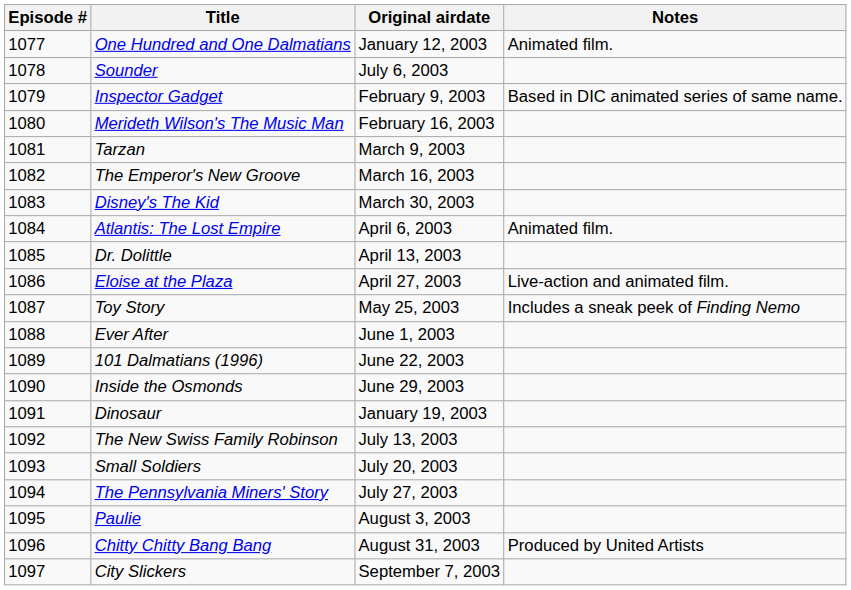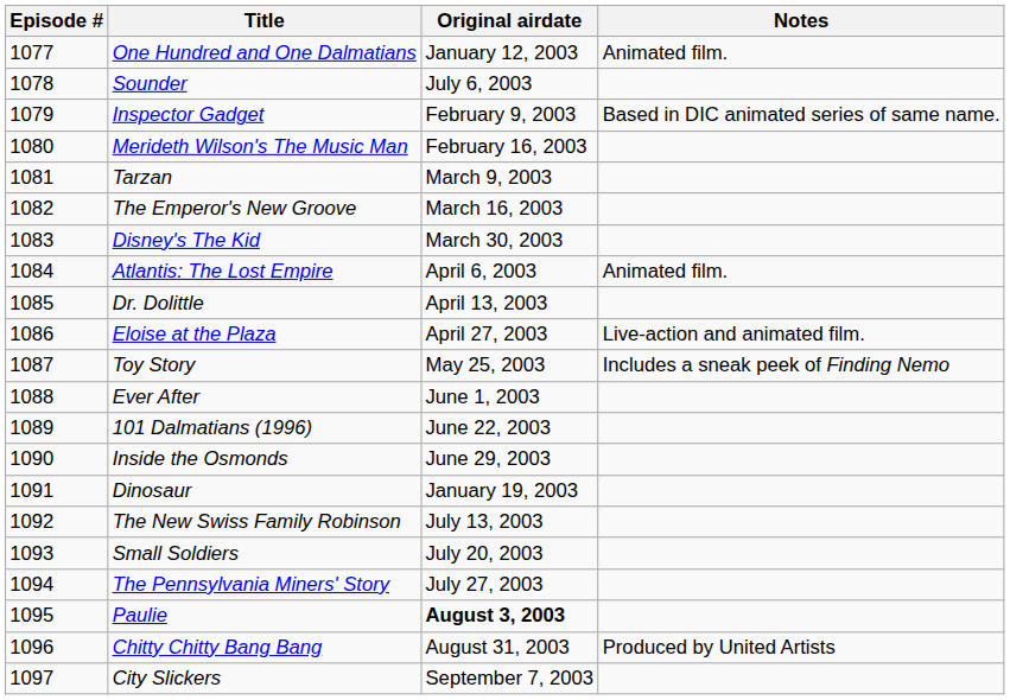 <table class="wikitable sortable">
 <tr>
 <th>Episode #</th>
 <th>Title</th>
 <th>Original airdate</th>
 <th>Notes</th>
 </tr>
 <tr>
 <td>1077</td>
 <td><em><a href='#'>One Hundred and One Dalmatians</a></em></td>
 <td>January 12, 2003</td>
 <td>Animated film.</td>
 </tr>
 <tr>
 <td>1078</td>
 <td><em><a href='#'>Sounder</a></em></td>
 <td>July 6, 2003</td>
 <td></td>
 </tr>
 <tr>
 <td>1079</td>
 <td><em><a href='#'>Inspector Gadget</a></em></td>
 <td>February 9, 2003</td>
 <td>Based in DIC animated series of same name.</td>
 </tr>
 <tr>
 <td>1080</td>
 <td><em><a href='#'>Merideth Wilson's The Music Man</a></em></td>
 <td>February 16, 2003</td>
 <td></td>
 </tr>
 <tr>
 <td>1081</td>
 <td><em>Tarzan</em></td>
 <td>March 9, 2003</td>
 <td></td>
 </tr>
 <tr>
 <td>1082</td>
 <td><em>The Emperor's New Groove</em></td>
 <td>March 16, 2003</td>
 <td></td>
 </tr>
 <tr>
 <td>1083</td>
 <td><em><a href='#'>Disney's The Kid</a></em></td>
 <td>March 30, 2003</td>
 <td></td>
 </tr>
 <tr>
 <td>1084</td>
 <td><em><a href='#'>Atlantis: The Lost Empire</a></em></td>
 <td>April 6, 2003</td>
 <td>Animated film.</td>
 </tr>
 <tr>
 <td>1085</td>
 <td><em>Dr. Dolittle</em></td>
 <td>April 13, 2003</td>
 <td></td>
 </tr>
 <tr>
 <td>1086</td>
 <td><em><a href='#'>Eloise at the Plaza</a></em></td>
 <td>April 27, 2003</td>
 <td>Live-action and animated film.</td>
 </tr>
 <tr>
 <td>1087</td>
 <td><em>Toy Story</em></td>
 <td>May 25, 2003</td>
 <td>Includes a sneak peek of <em>Finding Nemo</em></td>
 </tr>
 <tr>
 <td>1088</td>
 <td><em>Ever After</em></td>
 <td>June 1, 2003</td>
 <td></td>
 </tr>
 <tr>
 <td>1089</td>
 <td><em>101 Dalmatians (1996)</em></td>
 <td>June 22, 2003</td>
 </tr>
 <tr>
 <td>1090</td>
 <td><em>Inside the Osmonds</em></td>
 <td>June 29, 2003</td>
 <td></td>
 </tr>
 <tr>
 <td>1091</td>
 <td><em>Dinosaur</em></td>
 <td>January 19, 2003</td>
 <td></td>
 </tr>
 <tr>
 <td>1092</td>
 <td><em>The New Swiss Family Robinson</em></td>
 <td>July 13, 2003</td>
 <td></td>
 </tr>
 <tr>
 <td>1093</td>
 <td><em>Small Soldiers</em></td>
 <td>July 20, 2003</td>
 <td></td>
 </tr>
 <tr>
 <td>1094</td>
 <td><em><a href='#'>The Pennsylvania Miners' Story</a></em></td>
 <td>July 27, 2003</td>
 <td></td>
 </tr>
 <tr>
 <td>1095</td>
 <td><em><a href='#'>Paulie</a></em></td>
-<td>August 3, 2003</td>
+<td><strong>August 3, 2003</strong></td>
 <td></td>
 </tr>
 <tr>
 <td>1096</td>
 <td><em><a href='#'>Chitty Chitty Bang Bang</a></em></td>
 <td>August 31, 2003</td>
 <td>Produced by United Artists</td>
 </tr>
 <tr>
 <td>1097</td>
 <td><em>City Slickers</em></td>
 <td>September 7, 2003</td>
 <td></td>
 </tr>
 </table>
